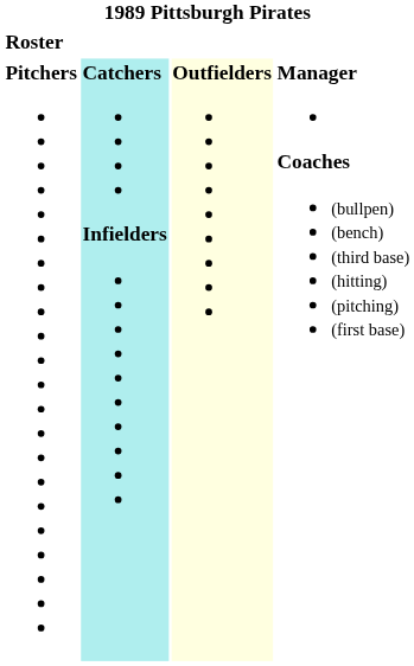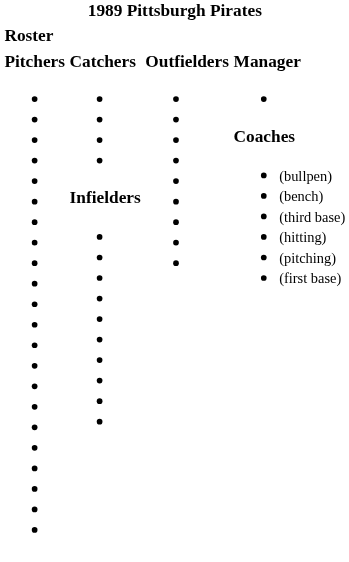 <table class="toccolours" style="font-size: 95%;">
 <tr>
 <th colspan="10">1989 Pittsburgh Pirates</th>
 </tr>
 <tr>
 <td colspan="10"><strong>Roster</strong></td>
 </tr>
 <tr>
 <td valign="top"><strong>Pitchers</strong><br><ul><li></li><li></li><li></li><li></li><li></li><li></li><li></li><li></li><li></li><li></li><li></li><li></li><li></li><li></li><li></li><li></li><li></li><li></li><li></li><li></li><li></li><li></li></ul></td>
-<td valign="top" style="background: paleturquoise;"><strong>Catchers</strong><br><ul><li></li><li></li><li></li><li></li></ul><strong>Infielders</strong><ul><li></li><li></li><li></li><li></li><li></li><li></li><li></li><li></li><li></li><li></li></ul></td>
-<td valign="top" style="background: lightyellow;"><strong>Outfielders</strong><br><ul><li></li><li></li><li></li><li></li><li></li><li></li><li></li><li></li><li></li></ul></td>
+<td valign="top"><strong>Catchers</strong><br><ul><li></li><li></li><li></li><li></li></ul><strong>Infielders</strong><ul><li></li><li></li><li></li><li></li><li></li><li></li><li></li><li></li><li></li><li></li></ul></td>
+<td valign="top"><strong>Outfielders</strong><br><ul><li></li><li></li><li></li><li></li><li></li><li></li><li></li><li></li><li></li></ul></td>
 <td valign="top"><strong>Manager</strong><br><ul><li></li></ul><strong>Coaches</strong><ul><li> <small>(bullpen)</small></li><li> <small>(bench)</small></li><li> <small>(third base)</small></li><li> <small>(hitting)</small></li><li> <small>(pitching)</small></li><li> <small>(first base)</small></li></ul></td>
 </tr>
 </table>
